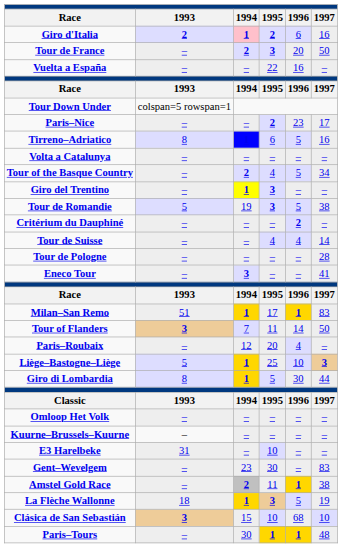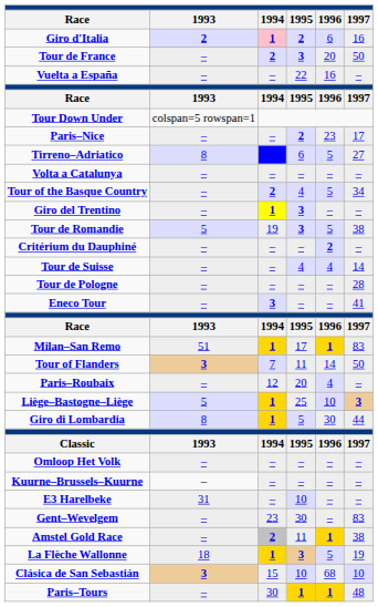 <table class="wikitable">
 <tr style="background:#eee;">
 <td style="background:#00387F;" colspan=12></td>
 </tr>
 <tr>
 <th>Race</th>
 <th>1993</th>
 <th>1994</th>
 <th>1995</th>
 <th>1996</th>
 <th>1997</th>
 </tr>
 <tr align="center">
 <td><strong><a href='#'>Giro d'Italia</a></strong></td>
 <td style="background:#ddf;"><a href='#'><strong>2</strong></a></td>
 <td style="background:pink;"><a href='#'><strong>1</strong></a></td>
 <td style="background:#ddf;"><a href='#'><strong>2</strong></a></td>
 <td style="background:#ddf;"><a href='#'>6</a></td>
 <td style="background:#eee;"><a href='#'>16</a></td>
 </tr>
 <tr align="center">
 <td><strong><a href='#'>Tour de France</a></strong></td>
 <td style="background:#eee;"><a href='#'>–</a></td>
 <td style="background:#ddf;"><a href='#'><strong>2</strong></a></td>
 <td style="background:#ddf;"><a href='#'><strong>3</strong></a></td>
 <td style="background:#eee;"><a href='#'>20</a></td>
 <td style="background:#eee;"><a href='#'>50</a></td>
 </tr>
 <tr align="center">
 <td><strong><a href='#'>Vuelta a España</a></strong></td>
 <td style="background:#eee;"><a href='#'>–</a></td>
 <td style="background:#eee;"><a href='#'>–</a></td>
 <td style="background:#eee;"><a href='#'>22</a></td>
 <td style="background:#eee;"><a href='#'>16</a></td>
 <td style="background:#eee;"><a href='#'>–</a></td>
 </tr>
 <tr>
 <td style="background:#00387F;" colspan=20></td>
 </tr>
 <tr>
 <th>Race</th>
 <th>1993</th>
 <th>1994</th>
 <th>1995</th>
 <th>1996</th>
 <th>1997</th>
 </tr>
 <tr align="center">
 <td><strong><a href='#'>Tour Down Under</a></strong></td>
 <td>colspan=5 rowspan=1 </td>
 </tr>
 <tr align="center">
 <td><strong><a href='#'>Paris–Nice</a></strong></td>
 <td style="background:#eee;"><a href='#'>–</a></td>
 <td style="background:#eee;"><a href='#'>–</a></td>
 <td style="background:#ddf;"><a href='#'><strong>2</strong></a></td>
 <td style="background:#eee;"><a href='#'>23</a></td>
 <td style="background:#eee;"><a href='#'>17</a></td>
 </tr>
 <tr align="center">
 <td><strong><a href='#'>Tirreno–Adriatico</a></strong></td>
 <td style="background:#ddf;"><a href='#'>8</a></td>
 <td style="background:blue;"><a href='#'><strong>1</strong></a></td>
 <td style="background:#ddf;"><a href='#'>6</a></td>
 <td style="background:#ddf;"><a href='#'>5</a></td>
-<td style="background:#eee;"><a href='#'>16</a></td>
+<td style="background:#eee;"><a href='#'>27</a></td>
 </tr>
 <tr align="center">
 <td><strong><a href='#'>Volta a Catalunya</a></strong></td>
 <td style="background:#eee;"><a href='#'>–</a></td>
 <td style="background:#eee;"><a href='#'>–</a></td>
 <td style="background:#eee;"><a href='#'>–</a></td>
 <td style="background:#eee;"><a href='#'>–</a></td>
 <td style="background:#eee;"><a href='#'>–</a></td>
 </tr>
 <tr align="center">
 <td><strong><a href='#'>Tour of the Basque Country</a></strong></td>
 <td style="background:#eee;"><a href='#'>–</a></td>
 <td style="background:#ddf;"><a href='#'><strong>2</strong></a></td>
 <td style="background:#ddf;"><a href='#'>4</a></td>
 <td style="background:#ddf;"><a href='#'>5</a></td>
 <td style="background:#eee;"><a href='#'>34</a></td>
 </tr>
 <tr align="center">
 <td><strong><a href='#'>Giro del Trentino</a></strong></td>
 <td style="background:#eee;"><a href='#'>–</a></td>
 <td style="background:yellow;"><a href='#'><strong>1</strong></a></td>
 <td style="background:#ddf;"><a href='#'><strong>3</strong></a></td>
 <td style="background:#eee;"><a href='#'>–</a></td>
 <td style="background:#eee;"><a href='#'>–</a></td>
 </tr>
 <tr align="center">
 <td><strong><a href='#'>Tour de Romandie</a></strong></td>
 <td style="background:#ddf;"><a href='#'>5</a></td>
 <td style="background:#eee;"><a href='#'>19</a></td>
 <td style="background:#ddf;"><a href='#'><strong>3</strong></a></td>
 <td style="background:#ddf;"><a href='#'>5</a></td>
 <td style="background:#eee;"><a href='#'>38</a></td>
 </tr>
 <tr align="center">
 <td><strong><a href='#'>Critérium du Dauphiné</a></strong></td>
 <td style="background:#eee;"><a href='#'>–</a></td>
 <td style="background:#eee;"><a href='#'>–</a></td>
 <td style="background:#eee;"><a href='#'>–</a></td>
 <td style="background:#ddf;"><a href='#'><strong>2</strong></a></td>
 <td style="background:#eee;"><a href='#'>–</a></td>
 </tr>
 <tr align="center">
 <td><strong><a href='#'>Tour de Suisse</a></strong></td>
 <td style="background:#eee;"><a href='#'>–</a></td>
 <td style="background:#eee;"><a href='#'>–</a></td>
 <td style="background:#ddf;"><a href='#'>4</a></td>
 <td style="background:#ddf;"><a href='#'>4</a></td>
 <td style="background:#eee;"><a href='#'>14</a></td>
 </tr>
 <tr align="center">
 <td><strong><a href='#'>Tour de Pologne</a></strong></td>
 <td style="background:#eee;"><a href='#'>–</a></td>
 <td style="background:#eee;"><a href='#'>–</a></td>
 <td style="background:#eee;"><a href='#'>–</a></td>
 <td style="background:#eee;"><a href='#'>–</a></td>
 <td style="background:#eee;"><a href='#'>28</a></td>
 </tr>
 <tr align="center">
 <td><strong><a href='#'>Eneco Tour</a></strong></td>
 <td style="background:#eee;"><a href='#'>–</a></td>
 <td style="background:#ddf;"><a href='#'><strong>3</strong></a></td>
 <td style="background:#eee;"><a href='#'>–</a></td>
 <td style="background:#eee;"><a href='#'>–</a></td>
 <td style="background:#eee;"><a href='#'>41</a></td>
 </tr>
 <tr>
 <td style="background:#00387F;" colspan=20></td>
 </tr>
 <tr>
 <th>Race</th>
 <th>1993</th>
 <th>1994</th>
 <th>1995</th>
 <th>1996</th>
 <th>1997</th>
 </tr>
 <tr align="center">
 <td><strong><a href='#'>Milan–San Remo</a></strong></td>
 <td style="background:#eee;"><a href='#'>51</a></td>
 <td style="background:gold;"><a href='#'><strong>1</strong></a></td>
 <td style="background:#eee;"><a href='#'>17</a></td>
 <td style="background:gold;"><a href='#'><strong>1</strong></a></td>
 <td style="background:#eee;"><a href='#'>83</a></td>
 </tr>
 <tr align="center">
 <td><strong><a href='#'>Tour of Flanders</a></strong></td>
 <td style="background:#ec9;"><a href='#'><strong>3</strong></a></td>
 <td style="background:#ddf;"><a href='#'>7</a></td>
 <td style="background:#eee;"><a href='#'>11</a></td>
 <td style="background:#eee;"><a href='#'>14</a></td>
 <td style="background:#eee;"><a href='#'>50</a></td>
 </tr>
 <tr align="center">
 <td><strong><a href='#'>Paris–Roubaix</a></strong></td>
 <td style="background:#eee;"><a href='#'>–</a></td>
 <td style="background:#eee;"><a href='#'>12</a></td>
 <td style="background:#eee;"><a href='#'>20</a></td>
 <td style="background:#ddf;"><a href='#'>4</a></td>
 <td style="background:#eee;"><a href='#'>–</a></td>
 </tr>
 <tr align="center">
 <td><strong><a href='#'>Liège–Bastogne–Liège</a></strong></td>
 <td style="background:#ddf;"><a href='#'>5</a></td>
 <td style="background:gold;"><a href='#'><strong>1</strong></a></td>
 <td style="background:#eee;"><a href='#'>25</a></td>
 <td style="background:#ddf;"><a href='#'>10</a></td>
 <td style="background:#ec9;"><a href='#'><strong>3</strong></a></td>
 </tr>
 <tr align="center">
 <td><strong><a href='#'>Giro di Lombardia</a></strong></td>
 <td style="background:#ddf;"><a href='#'>8</a></td>
 <td style="background:gold;"><a href='#'><strong>1</strong></a></td>
 <td style="background:#ddf;"><a href='#'>5</a></td>
 <td style="background:#eee;"><a href='#'>30</a></td>
 <td style="background:#eee;"><a href='#'>44</a></td>
 </tr>
 <tr>
 <td style="background:#00387F;" colspan=20></td>
 </tr>
 <tr>
 <th>Classic</th>
 <th>1993</th>
 <th>1994</th>
 <th>1995</th>
 <th>1996</th>
 <th>1997</th>
 </tr>
 <tr align="center">
 <td><strong><a href='#'>Omloop Het Volk</a></strong></td>
 <td style="background:#eee;"><a href='#'>–</a></td>
 <td style="background:#eee;"><a href='#'>–</a></td>
 <td style="background:#eee;"><a href='#'>–</a></td>
 <td style="background:#eee;"><a href='#'>–</a></td>
 <td style="background:#eee;"><a href='#'>–</a></td>
 </tr>
 <tr align="center">
 <td><strong><a href='#'>Kuurne–Brussels–Kuurne</a></strong></td>
 <td>–</td>
 <td style="background:#eee;"><a href='#'>–</a></td>
 <td style="background:#eee;"><a href='#'>–</a></td>
 <td style="background:#eee;"><a href='#'>–</a></td>
 <td style="background:#eee;"><a href='#'>–</a></td>
 </tr>
 <tr align="center">
 <td><strong><a href='#'>E3 Harelbeke</a></strong></td>
 <td style="background:#eee;"><a href='#'>31</a></td>
 <td style="background:#eee;"><a href='#'>–</a></td>
 <td style="background:#ddf;"><a href='#'>10</a></td>
 <td style="background:#eee;"><a href='#'>–</a></td>
 <td style="background:#eee;"><a href='#'>–</a></td>
 </tr>
 <tr align="center">
 <td><strong><a href='#'>Gent–Wevelgem</a></strong></td>
 <td style="background:#eee;"><a href='#'>–</a></td>
 <td style="background:#eee;"><a href='#'>23</a></td>
 <td style="background:#eee;"><a href='#'>30</a></td>
 <td style="background:#eee;"><a href='#'>–</a></td>
 <td style="background:#eee;"><a href='#'>83</a></td>
 </tr>
 <tr align="center">
 <td><strong><a href='#'>Amstel Gold Race</a></strong></td>
 <td style="background:#eee;"><a href='#'>–</a></td>
 <td style="background:silver;"><a href='#'><strong>2</strong></a></td>
 <td style="background:#eee;"><a href='#'>11</a></td>
 <td style="background:gold;"><a href='#'><strong>1</strong></a></td>
 <td style="background:#eee;"><a href='#'>38</a></td>
 </tr>
 <tr align="center">
 <td><strong><a href='#'>La Flèche Wallonne</a></strong></td>
 <td style="background:#eee;"><a href='#'>18</a></td>
 <td style="background:gold;"><a href='#'><strong>1</strong></a></td>
 <td style="background:#ec9;"><a href='#'><strong>3</strong></a></td>
 <td style="background:#ddf;"><a href='#'>5</a></td>
 <td style="background:#eee;"><a href='#'>19</a></td>
 </tr>
 <tr align="center">
 <td><strong><a href='#'>Clásica de San Sebastián</a></strong></td>
 <td style="background:#ec9;"><a href='#'><strong>3</strong></a></td>
 <td style="background:#eee;"><a href='#'>15</a></td>
 <td style="background:#ddf;"><a href='#'>10</a></td>
 <td style="background:#eee;"><a href='#'>68</a></td>
 <td style="background:#ddf;"><a href='#'>10</a></td>
 </tr>
 <tr align="center">
 <td><strong><a href='#'>Paris–Tours</a></strong></td>
 <td style="background:#eee;"><a href='#'>–</a></td>
 <td style="background:#eee;"><a href='#'>30</a></td>
 <td style="background:gold;"><a href='#'><strong>1</strong></a></td>
 <td style="background:gold;"><a href='#'><strong>1</strong></a></td>
 <td style="background:#eee;"><a href='#'>48</a></td>
 </tr>
 </table>
